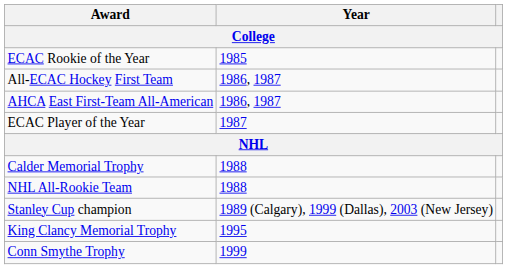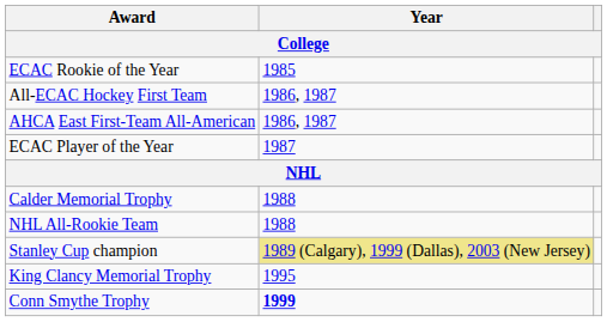 <table class="wikitable">
 <tr>
 <th>Award</th>
 <th>Year</th>
 <th></th>
 </tr>
 <tr ALIGN="center" bgcolor="#e0e0e0">
 <th colspan="3"><a href='#'>College</a></th>
 </tr>
 <tr>
 <td><a href='#'>ECAC</a> Rookie of the Year</td>
 <td><a href='#'>1985</a></td>
 <td></td>
 </tr>
 <tr>
 <td>All-<a href='#'>ECAC Hockey</a> <a href='#'>First Team</a></td>
 <td><a href='#'>1986</a>, <a href='#'>1987</a></td>
 <td></td>
 </tr>
 <tr>
 <td><a href='#'>AHCA</a> <a href='#'>East First-Team All-American</a></td>
 <td><a href='#'>1986</a>, <a href='#'>1987</a></td>
 <td></td>
 </tr>
 <tr>
 <td>ECAC Player of the Year</td>
 <td><a href='#'>1987</a></td>
 <td></td>
 </tr>
 <tr ALIGN="center" bgcolor="#e0e0e0">
 <th colspan="3"><a href='#'>NHL</a></th>
 </tr>
 <tr>
 <td><a href='#'>Calder Memorial Trophy</a></td>
 <td><a href='#'>1988</a></td>
 <td></td>
 </tr>
 <tr>
 <td><a href='#'>NHL All-Rookie Team</a></td>
 <td><a href='#'>1988</a></td>
 <td></td>
 </tr>
 <tr>
 <td><a href='#'>Stanley Cup</a> champion</td>
-<td><a href='#'>1989</a> (Calgary), <a href='#'>1999</a> (Dallas), <a href='#'>2003</a> (New Jersey)</td>
+<td style="background: khaki;"><a href='#'>1989</a> (Calgary), <a href='#'>1999</a> (Dallas), <a href='#'>2003</a> (New Jersey)</td>
 <td></td>
 </tr>
 <tr>
 <td><a href='#'>King Clancy Memorial Trophy</a></td>
 <td><a href='#'>1995</a></td>
 <td></td>
 </tr>
 <tr>
 <td><a href='#'>Conn Smythe Trophy</a></td>
-<td><a href='#'>1999</a></td>
+<td><strong><a href='#'>1999</a></strong></td>
 <td></td>
 </tr>
 </table>
